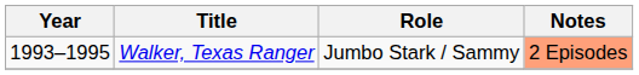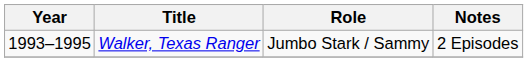 <table class="wikitable sortable plainrowheaders" style="white-space:nowrap">
 <tr>
 <th>Year</th>
 <th>Title</th>
 <th>Role</th>
 <th>Notes</th>
 </tr>
 <tr>
 <td>1993–1995</td>
 <td><em><a href='#'>Walker, Texas Ranger</a></em></td>
 <td>Jumbo Stark / Sammy</td>
-<td style="background: lightsalmon;">2 Episodes</td>
+<td>2 Episodes</td>
 </tr>
 <tr>
 </tr>
 </table>
